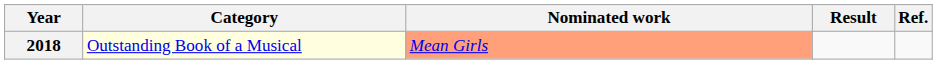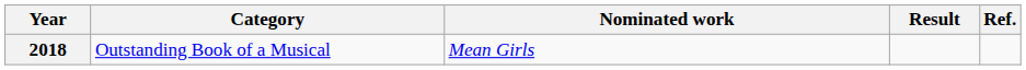 <table class=wikitable>
 <tr>
 <th scope="col" style="width:5em;">Year</th>
 <th scope="col" style="width:24em;">Category</th>
 <th scope="col" style="width:31em;">Nominated work</th>
 <th scope="col" style="width:5em;">Result</th>
 <th>Ref.</th>
 </tr>
 <tr>
 <th row=scope style="text-align:center;">2018</th>
-<td style="background: lightyellow;"><a href='#'>Outstanding Book of a Musical</a></td>
-<td style="background: lightsalmon;"><em><a href='#'>Mean Girls</a></em></td>
+<td><a href='#'>Outstanding Book of a Musical</a></td>
+<td><em><a href='#'>Mean Girls</a></em></td>
 <td></td>
 <td style="text-align:center;"></td>
 </tr>
 </table>
